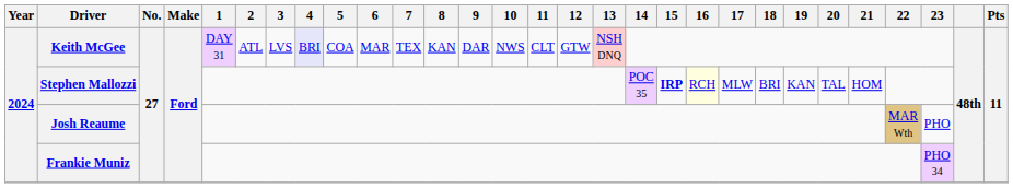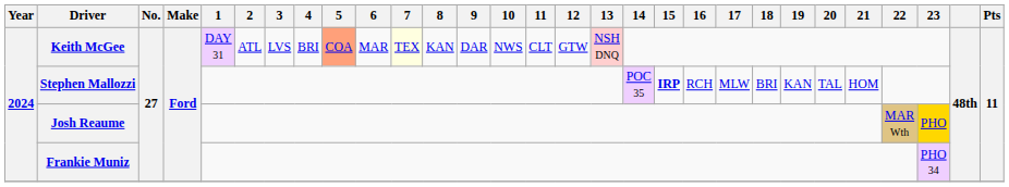 <table class="wikitable" style="text-align:center; font-size:75%">
 <tr>
 <th>Year</th>
 <th>Driver</th>
 <th>No.</th>
 <th>Make</th>
 <th>1</th>
 <th>2</th>
 <th>3</th>
 <th>4</th>
 <th>5</th>
 <th>6</th>
 <th>7</th>
 <th>8</th>
 <th>9</th>
 <th>10</th>
 <th>11</th>
 <th>12</th>
 <th>13</th>
 <th>14</th>
 <th>15</th>
 <th>16</th>
 <th>17</th>
 <th>18</th>
 <th>19</th>
 <th>20</th>
 <th>21</th>
 <th>22</th>
 <th>23</th>
 <th></th>
 <th>Pts</th>
 </tr>
 <tr>
 <th rowspan="4"><a href='#'>2024</a></th>
 <th><a href='#'>Keith McGee</a></th>
 <th rowspan="4">27</th>
 <th rowspan="4"><a href='#'>Ford</a></th>
 <td style="background:#EFCFFF;"><a href='#'>DAY</a><br><small>31</small></td>
 <td><a href='#'>ATL</a></td>
 <td><a href='#'>LVS</a></td>
-<td style="background: lavender;"><a href='#'>BRI</a></td>
-<td><a href='#'>COA</a></td>
+<td><a href='#'>BRI</a></td>
+<td style="background: lightsalmon;"><a href='#'>COA</a></td>
 <td><a href='#'>MAR</a></td>
-<td><a href='#'>TEX</a></td>
+<td style="background: lightyellow;"><a href='#'>TEX</a></td>
 <td><a href='#'>KAN</a></td>
 <td><a href='#'>DAR</a></td>
 <td><a href='#'>NWS</a></td>
 <td><a href='#'>CLT</a></td>
 <td><a href='#'>GTW</a></td>
 <td style="background:#FFCFCF;"><a href='#'>NSH</a><br><small>DNQ</small></td>
 <td colspan=10></td>
 <th rowspan="4">48th</th>
 <th rowspan="4">11</th>
 </tr>
 <tr>
 <th><a href='#'>Stephen Mallozzi</a></th>
 <td colspan=13></td>
 <td style="background:#EFCFFF;"><a href='#'>POC</a><br><small>35</small></td>
 <td><strong><a href='#'>IRP</a></strong></td>
-<td style="background: lightyellow;"><a href='#'>RCH</a></td>
+<td><a href='#'>RCH</a></td>
 <td><a href='#'>MLW</a></td>
 <td><a href='#'>BRI</a></td>
 <td><a href='#'>KAN</a></td>
 <td><a href='#'>TAL</a></td>
 <td><a href='#'>HOM</a></td>
 <td colspan="2"></td>
 </tr>
 <tr>
 <th><a href='#'>Josh Reaume</a></th>
 <td colspan="21"></td>
 <td style="background:#DFC484;"><a href='#'>MAR</a><br><small>Wth</small></td>
-<td><a href='#'>PHO</a></td>
+<td style="background: gold;"><a href='#'>PHO</a></td>
 </tr>
 <tr>
 <th><a href='#'>Frankie Muniz</a></th>
 <td colspan="22"></td>
 <td style="background:#EFCFFF;"><a href='#'>PHO</a><br><small>34</small></td>
 </tr>
 <tr>
 </tr>
 </table>
